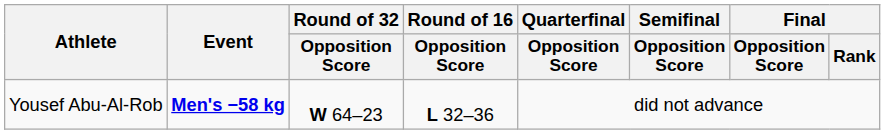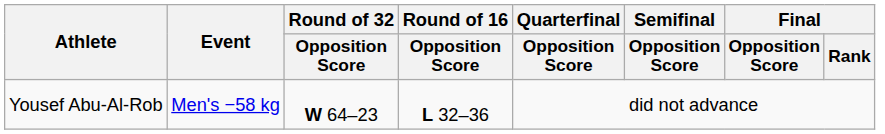 <table class=wikitable style=font-size:90%;text-align:center>
 <tr>
 <th rowspan=2>Athlete</th>
 <th rowspan=2>Event</th>
 <th>Round of 32</th>
 <th>Round of 16</th>
 <th>Quarterfinal</th>
 <th>Semifinal</th>
 <th colspan=2>Final</th>
 </tr>
 <tr style=font-size:95%>
 <th>Opposition<br>Score</th>
 <th>Opposition<br>Score</th>
 <th>Opposition<br>Score</th>
 <th>Opposition<br>Score</th>
 <th>Opposition<br>Score</th>
 <th>Rank</th>
 </tr>
 <tr>
 <td align=left>Yousef Abu-Al-Rob</td>
-<td align=left><strong><a href='#'>Men's −58 kg</a></strong></td>
+<td align=left><a href='#'>Men's −58 kg</a></td>
 <td><br><strong>W</strong> 64–23</td>
 <td><br><strong>L</strong> 32–36</td>
 <td colspan=4>did not advance</td>
 </tr>
 </table>
